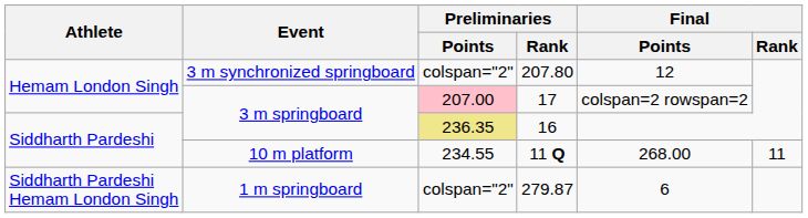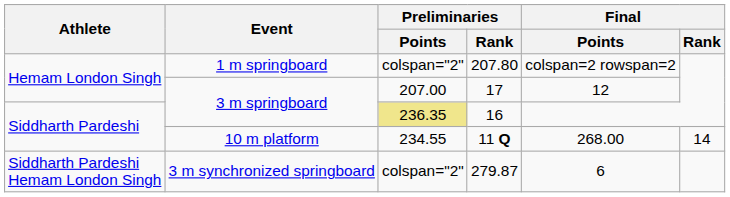 <table class="wikitable" style="text-align:center; font-size:90%">
 <tr>
 <th rowspan="2">Athlete</th>
 <th rowspan="2">Event</th>
 <th colspan="2">Preliminaries</th>
 <th colspan="2">Final</th>
 </tr>
 <tr>
 <th>Points</th>
 <th>Rank</th>
 <th>Points</th>
 <th>Rank</th>
 </tr>
 <tr>
 <td style="text-align:left" rowspan=2><a href='#'>Hemam London Singh</a></td>
-<td><a href='#'>3 m synchronized springboard</a></td>
+<td><a href='#'>1 m springboard</a></td>
 <td>colspan="2" </td>
 <td>207.80</td>
-<td>12</td>
+<td>colspan=2 rowspan=2 </td>
 </tr>
 <tr>
 <td rowspan=2><a href='#'>3 m springboard</a></td>
-<td style="background: pink;">207.00</td>
+<td>207.00</td>
 <td>17</td>
-<td>colspan=2 rowspan=2 </td>
+<td>12</td>
 </tr>
 <tr>
 <td style="text-align:left" rowspan=2><a href='#'>Siddharth Pardeshi</a></td>
 <td style="background: khaki;">236.35</td>
 <td>16</td>
 </tr>
 <tr>
 <td><a href='#'>10 m platform</a></td>
 <td>234.55</td>
 <td>11 <strong>Q</strong></td>
 <td>268.00</td>
-<td>11</td>
+<td>14</td>
 </tr>
 <tr>
 <td style="text-align:left"><a href='#'>Siddharth Pardeshi</a><br><a href='#'>Hemam London Singh</a></td>
-<td><a href='#'>1 m springboard</a></td>
+<td><a href='#'>3 m synchronized springboard</a></td>
 <td>colspan="2" </td>
 <td>279.87</td>
 <td>6</td>
 </tr>
 </table>
